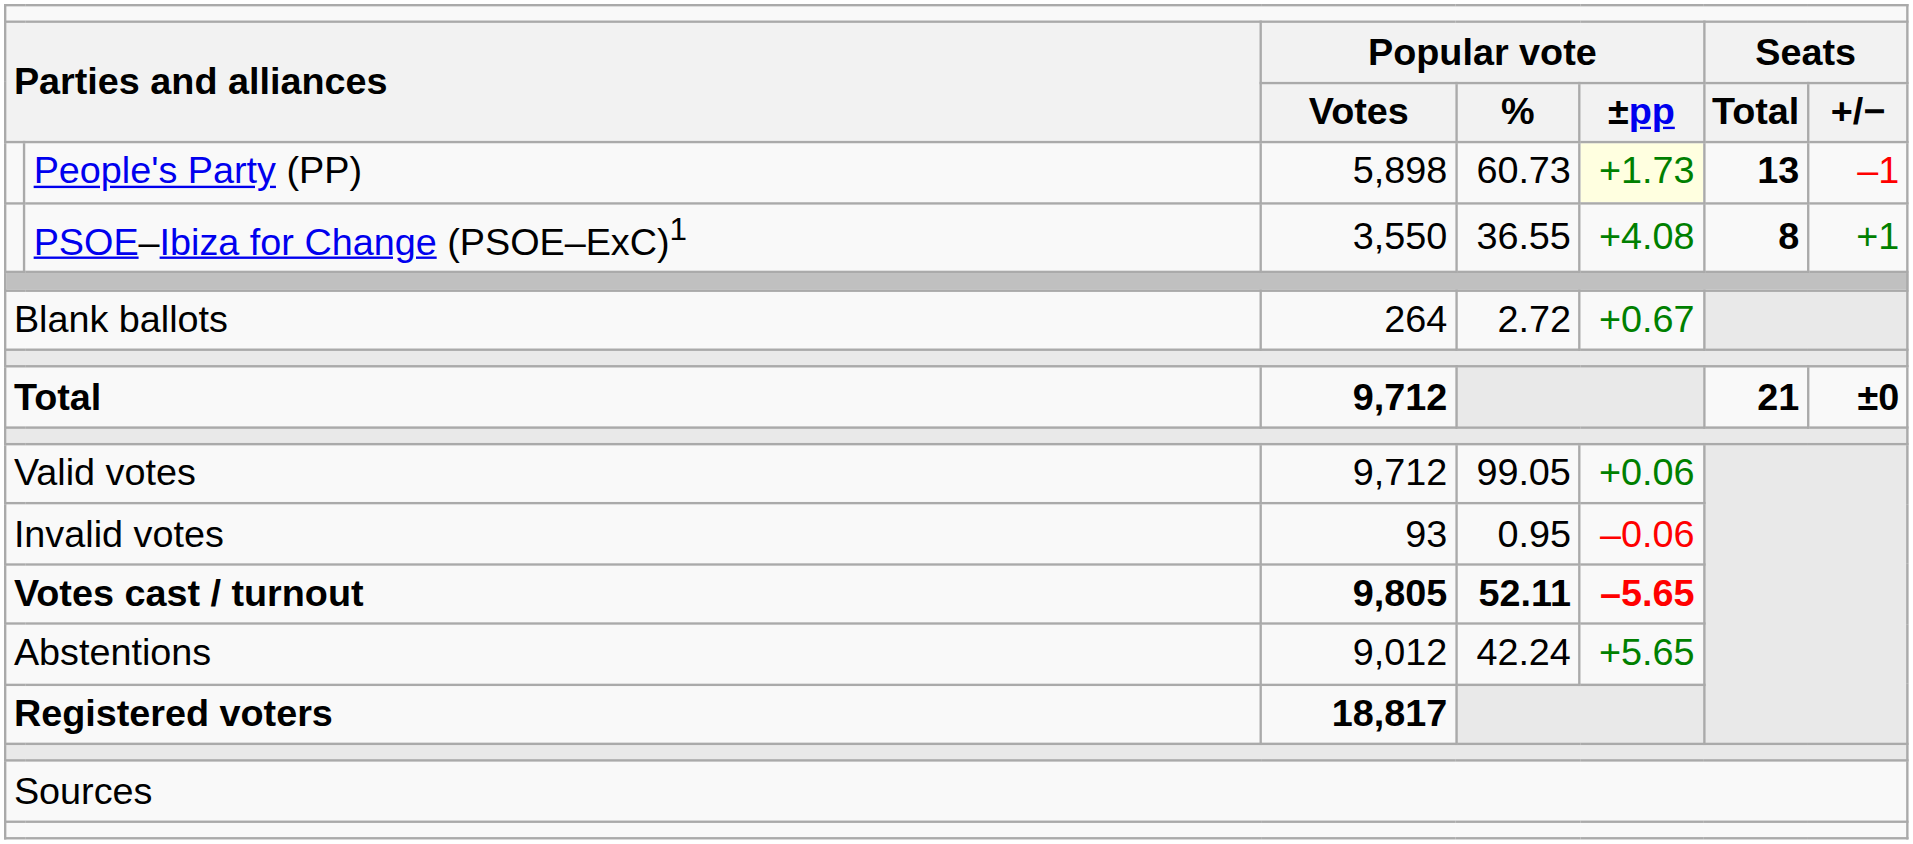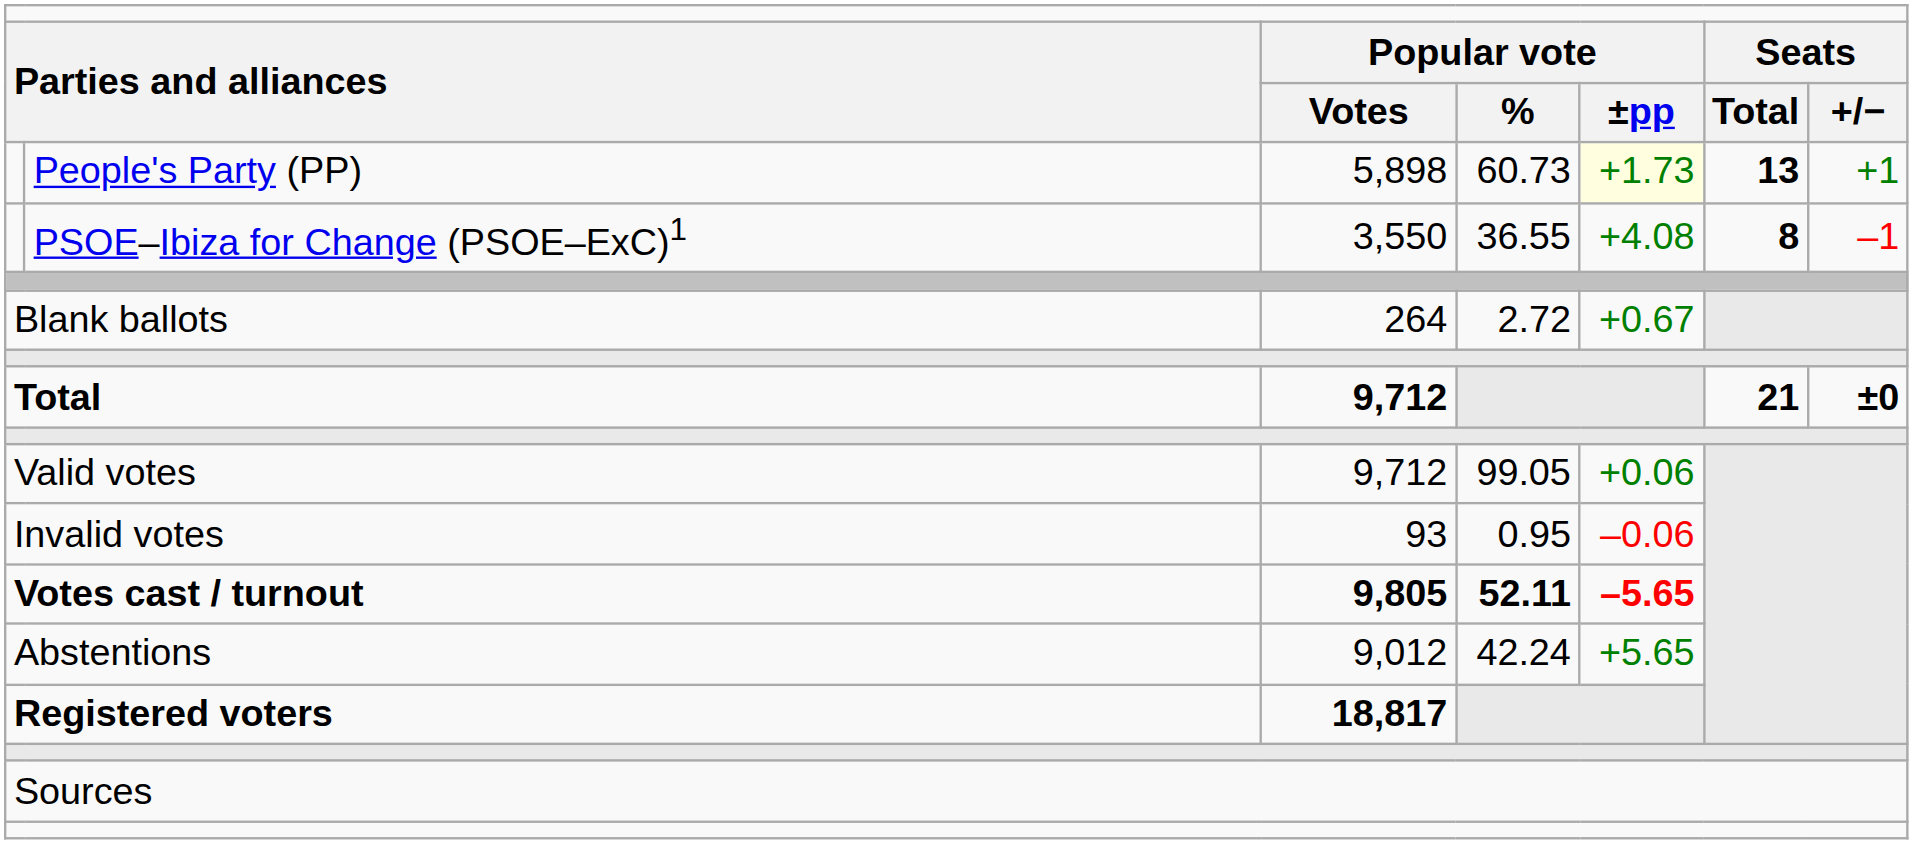 <table class="wikitable" style="text-align:right;">
 <tr>
 <td colspan="7"></td>
 </tr>
 <tr>
 <th style="text-align:left;" rowspan="2" colspan="2" width="525">Parties and alliances</th>
 <th colspan="3">Popular vote</th>
 <th colspan="2">Seats</th>
 </tr>
 <tr>
 <th width="75">Votes</th>
 <th width="45">%</th>
 <th width="45">±<a href='#'>pp</a></th>
 <th width="35">Total</th>
 <th width="35">+/−</th>
 </tr>
 <tr>
 <td width="1" style="color:inherit;background:"></td>
 <td align="left"><a href='#'>People's Party</a> (PP)</td>
 <td>5,898</td>
 <td>60.73</td>
 <td style="background: lightyellow; color:green;">+1.73</td>
 <td><strong>13</strong></td>
-<td style="color:red;">–1</td>
+<td style="color:green;">+1</td>
 </tr>
 <tr>
 <td style="color:inherit;background:"></td>
 <td align="left"><a href='#'>PSOE</a>–<a href='#'>Ibiza for Change</a> (PSOE–ExC)<sup>1</sup></td>
 <td>3,550</td>
 <td>36.55</td>
 <td style="color:green;">+4.08</td>
 <td><strong>8</strong></td>
-<td style="color:green;">+1</td>
+<td style="color:red;">–1</td>
 </tr>
 <tr>
 <td colspan="7" bgcolor="#C0C0C0"></td>
 </tr>
 <tr>
 <td align="left" colspan="2">Blank ballots</td>
 <td>264</td>
 <td>2.72</td>
 <td style="color:green;">+0.67</td>
 <td bgcolor="#E9E9E9" colspan="2"></td>
 </tr>
 <tr>
 <td colspan="7" bgcolor="#E9E9E9"></td>
 </tr>
 <tr style="font-weight:bold;">
 <td align="left" colspan="2">Total</td>
 <td>9,712</td>
 <td bgcolor="#E9E9E9" colspan="2"></td>
 <td>21</td>
 <td>±0</td>
 </tr>
 <tr>
 <td colspan="7" bgcolor="#E9E9E9"></td>
 </tr>
 <tr>
 <td align="left" colspan="2">Valid votes</td>
 <td>9,712</td>
 <td>99.05</td>
 <td style="color:green;">+0.06</td>
 <td bgcolor="#E9E9E9" colspan="2" rowspan="5"></td>
 </tr>
 <tr>
 <td align="left" colspan="2">Invalid votes</td>
 <td>93</td>
 <td>0.95</td>
 <td style="color:red;">–0.06</td>
 </tr>
 <tr style="font-weight:bold;">
 <td align="left" colspan="2">Votes cast / turnout</td>
 <td>9,805</td>
 <td>52.11</td>
 <td style="color:red;">–5.65</td>
 </tr>
 <tr>
 <td align="left" colspan="2">Abstentions</td>
 <td>9,012</td>
 <td>42.24</td>
 <td style="color:green;">+5.65</td>
 </tr>
 <tr style="font-weight:bold;">
 <td align="left" colspan="2">Registered voters</td>
 <td>18,817</td>
 <td bgcolor="#E9E9E9" colspan="2"></td>
 </tr>
 <tr>
 <td colspan="7" bgcolor="#E9E9E9"></td>
 </tr>
 <tr>
 <td align="left" colspan="7">Sources</td>
 </tr>
 <tr>
 <td colspan="7" style="text-align:left; max-width:790px;"></td>
 </tr>
 </table>
